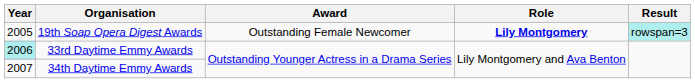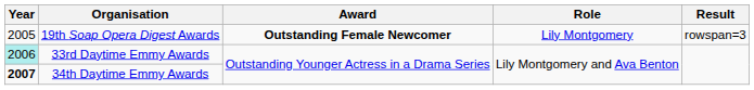 <table class="wikitable plainrowheaders" style="text-align:center;">
 <tr>
 <th>Year</th>
 <th>Organisation</th>
 <th>Award</th>
 <th>Role</th>
 <th>Result</th>
 </tr>
 <tr>
 <td>2005</td>
 <td><a href='#'>19th <em>Soap Opera Digest</em> Awards</a></td>
-<td>Outstanding Female Newcomer</td>
-<td><strong><a href='#'>Lily Montgomery</a></strong></td>
-<td style="background: paleturquoise;">rowspan=3 </td>
+<td><strong>Outstanding Female Newcomer</strong></td>
+<td><a href='#'>Lily Montgomery</a></td>
+<td>rowspan=3 </td>
 </tr>
 <tr>
 <td style="background: paleturquoise;">2006</td>
 <td><a href='#'>33rd Daytime Emmy Awards</a></td>
 <td rowspan="2"><a href='#'>Outstanding Younger Actress in a Drama Series</a></td>
 <td rowspan=2>Lily Montgomery and <a href='#'>Ava Benton</a></td>
 </tr>
 <tr>
-<td>2007</td>
+<td><strong>2007</strong></td>
 <td><a href='#'>34th Daytime Emmy Awards</a></td>
 </tr>
 </table>
